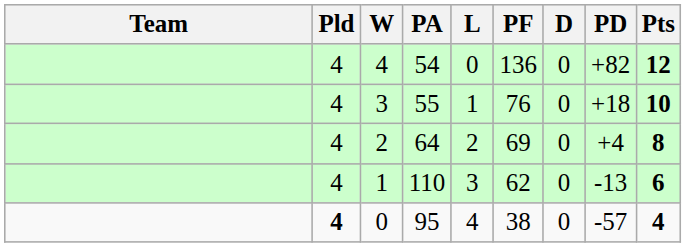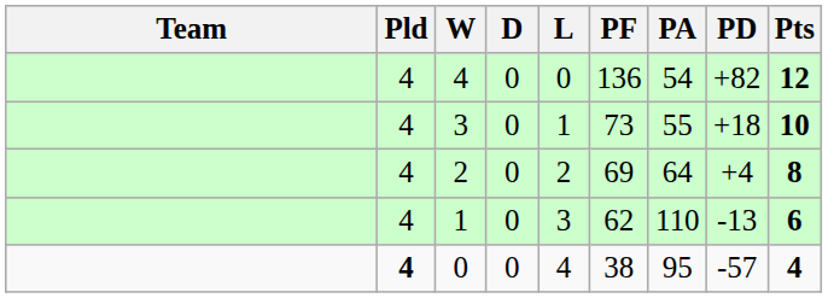 <table class="wikitable" style="text-align:center;">
 <tr>
 <th width=190>Team</th>
 <th width=20 abbr="Played">Pld</th>
 <th width=20 abbr="Won">W</th>
-<th width=20 abbr="Points against">PA</th>
+<th width=20 abbr="Drawn">D</th>
 <th width=20 abbr="Lost">L</th>
 <th width=20 abbr="Points for">PF</th>
-<th width=20 abbr="Drawn">D</th>
+<th width=20 abbr="Points against">PA</th>
 <th width=25 abbr="Points difference">PD</th>
 <th width=20 abbr="Points">Pts</th>
 </tr>
 <tr bgcolor=ccffcc>
 <td align=left></td>
 <td>4</td>
 <td>4</td>
-<td>54</td>
+<td>0</td>
 <td>0</td>
 <td>136</td>
-<td>0</td>
+<td>54</td>
 <td>+82</td>
 <td><strong>12</strong></td>
 </tr>
 <tr bgcolor=ccffcc>
 <td align=left></td>
 <td>4</td>
 <td>3</td>
+<td>0</td>
+<td>1</td>
+<td>73</td>
 <td>55</td>
-<td>1</td>
-<td>76</td>
-<td>0</td>
 <td>+18</td>
 <td><strong>10</strong></td>
 </tr>
 <tr bgcolor=ccffcc>
 <td align=left></td>
 <td>4</td>
 <td>2</td>
-<td>64</td>
+<td>0</td>
 <td>2</td>
 <td>69</td>
-<td>0</td>
+<td>64</td>
 <td>+4</td>
 <td><strong>8</strong></td>
 </tr>
 <tr bgcolor=ccffcc>
 <td align=left></td>
 <td>4</td>
 <td>1</td>
-<td>110</td>
+<td>0</td>
 <td>3</td>
 <td>62</td>
-<td>0</td>
+<td>110</td>
 <td>-13</td>
 <td><strong>6</strong></td>
 </tr>
 <tr>
 <td align=left></td>
 <td><strong>4</strong></td>
 <td>0</td>
-<td>95</td>
+<td>0</td>
 <td>4</td>
 <td>38</td>
-<td>0</td>
+<td>95</td>
 <td>-57</td>
 <td><strong>4</strong></td>
 </tr>
 </table>
